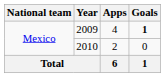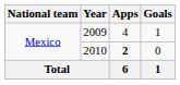 <table class="wikitable" style="text-align: center;">
 <tr>
 <th>National team</th>
 <th>Year</th>
 <th>Apps</th>
 <th>Goals</th>
 </tr>
 <tr>
 <td rowspan="2" valign="center"><a href='#'>Mexico</a></td>
 <td>2009</td>
 <td>4</td>
-<td><strong>1</strong></td>
+<td>1</td>
 </tr>
 <tr>
 <td>2010</td>
-<td>2</td>
+<td><strong>2</strong></td>
 <td>0</td>
 </tr>
 <tr>
 <th colspan="2">Total</th>
 <th>6</th>
 <th>1</th>
 </tr>
 </table>
